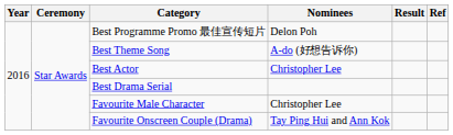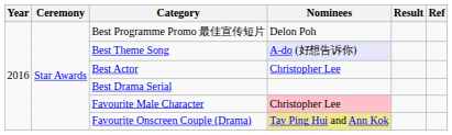 <table class="wikitable sortable">
 <tr>
 <th>Year</th>
 <th>Ceremony</th>
 <th>Category</th>
 <th>Nominees</th>
 <th>Result</th>
 <th>Ref</th>
 </tr>
 <tr>
 <td rowspan="6">2016</td>
 <td rowspan="6"><a href='#'>Star Awards</a></td>
 <td>Best Programme Promo 最佳宣传短片</td>
 <td>Delon Poh</td>
 <td></td>
 <td></td>
 </tr>
 <tr>
 <td><a href='#'>Best Theme Song</a></td>
-<td><a href='#'>A-do</a> (好想告诉你)</td>
+<td style="background: lavender;"><a href='#'>A-do</a> (好想告诉你)</td>
 <td></td>
 <td></td>
 </tr>
 <tr>
 <td><a href='#'>Best Actor</a></td>
 <td><a href='#'>Christopher Lee</a></td>
 <td></td>
 <td></td>
 </tr>
 <tr>
 <td><a href='#'>Best Drama Serial</a></td>
 <td></td>
 <td></td>
 <td></td>
 </tr>
 <tr>
 <td><a href='#'>Favourite Male Character</a></td>
-<td>Christopher Lee</td>
+<td style="background: pink;">Christopher Lee</td>
 <td></td>
 <td></td>
 </tr>
 <tr>
 <td><a href='#'>Favourite Onscreen Couple (Drama)</a></td>
-<td><a href='#'>Tay Ping Hui</a> and <a href='#'>Ann Kok</a></td>
+<td style="background: khaki;"><a href='#'>Tay Ping Hui</a> and <a href='#'>Ann Kok</a></td>
 <td></td>
 <td></td>
 </tr>
 </table>
